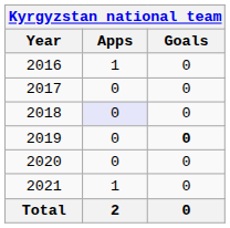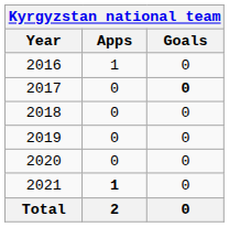 <table class="wikitable" style="text-align:center">
 <tr>
 <th colspan=3><a href='#'>Kyrgyzstan national team</a></th>
 </tr>
 <tr>
 <th>Year</th>
 <th>Apps</th>
 <th>Goals</th>
 </tr>
 <tr>
 <td>2016</td>
 <td>1</td>
 <td>0</td>
 </tr>
 <tr>
 <td>2017</td>
 <td>0</td>
-<td>0</td>
+<td><strong>0</strong></td>
 </tr>
 <tr>
 <td>2018</td>
-<td style="background: lavender;">0</td>
+<td>0</td>
 <td>0</td>
 </tr>
 <tr>
 <td>2019</td>
 <td>0</td>
-<td><strong>0</strong></td>
+<td>0</td>
 </tr>
 <tr>
 <td>2020</td>
 <td>0</td>
 <td>0</td>
 </tr>
 <tr>
 <td>2021</td>
-<td>1</td>
+<td><strong>1</strong></td>
 <td>0</td>
 </tr>
 <tr>
 <th>Total</th>
 <th>2</th>
 <th>0</th>
 </tr>
 </table>
